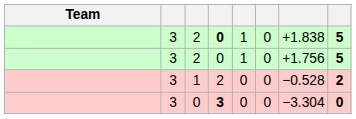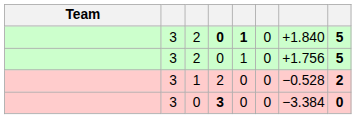 <table class="wikitable" style="text-align:center">
 <tr style="tittlebackground:lightblue;">
 <th style="width:175px;">Team</th>
 <th style="width:20px;"></th>
 <th style="width:20px;"></th>
 <th style="width:20px;"></th>
 <th style="width:20px;"></th>
 <th style="width:20px;"></th>
 <th style="width:45px;"></th>
 <th style="width:20px;"></th>
 </tr>
 <tr style="background:#cfc;">
 <td style="text-align:left"></td>
 <td>3</td>
 <td>2</td>
 <td><strong>0</strong></td>
-<td>1</td>
+<td><strong>1</strong></td>
 <td>0</td>
-<td>+1.838</td>
+<td>+1.840</td>
 <td><strong>5</strong></td>
 </tr>
 <tr style="background:#cfc;">
 <td style="text-align:left"></td>
 <td>3</td>
 <td>2</td>
 <td>0</td>
 <td>1</td>
 <td>0</td>
 <td>+1.756</td>
 <td><strong>5</strong></td>
 </tr>
 <tr style="background:#fcc;">
 <td style="text-align:left"></td>
 <td>3</td>
 <td>1</td>
 <td>2</td>
 <td>0</td>
 <td>0</td>
 <td>−0.528</td>
 <td><strong>2</strong></td>
 </tr>
 <tr style="background:#fcc;">
 <td style="text-align:left"></td>
 <td>3</td>
 <td>0</td>
 <td><strong>3</strong></td>
 <td>0</td>
 <td>0</td>
-<td>−3.304</td>
+<td>−3.384</td>
 <td><strong>0</strong></td>
 </tr>
 </table>
